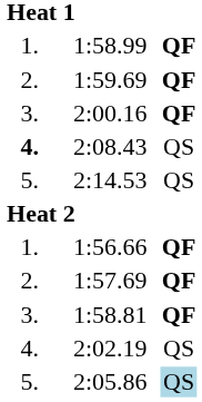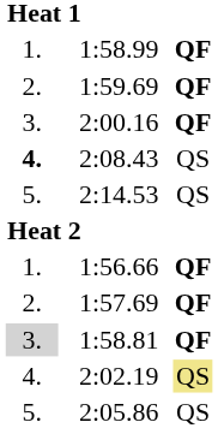 <table style="text-align:center">
 <tr>
 <td colspan=4 align=left><strong>Heat 1</strong></td>
 </tr>
 <tr>
 <td width=30>1.</td>
 <td align=left></td>
 <td width=60>1:58.99</td>
 <td><strong>QF</strong></td>
 </tr>
 <tr>
 <td>2.</td>
 <td align=left></td>
 <td>1:59.69</td>
 <td><strong>QF</strong></td>
 </tr>
 <tr>
 <td>3.</td>
 <td align=left></td>
 <td>2:00.16</td>
 <td><strong>QF</strong></td>
 </tr>
 <tr>
 <td><strong>4.</strong></td>
 <td align=left></td>
 <td>2:08.43</td>
 <td>QS</td>
 </tr>
 <tr>
 <td>5.</td>
 <td align=left></td>
 <td>2:14.53</td>
 <td>QS</td>
 </tr>
 <tr>
 <td colspan=4 align=left><strong>Heat 2</strong></td>
 </tr>
 <tr>
 <td>1.</td>
 <td align=left></td>
 <td>1:56.66</td>
 <td><strong>QF</strong></td>
 </tr>
 <tr>
 <td>2.</td>
 <td align=left></td>
 <td>1:57.69</td>
 <td><strong>QF</strong></td>
 </tr>
 <tr>
-<td>3.</td>
+<td style="background: lightgrey;">3.</td>
 <td align=left></td>
 <td>1:58.81</td>
 <td><strong>QF</strong></td>
 </tr>
 <tr>
 <td>4.</td>
 <td align=left></td>
 <td>2:02.19</td>
-<td>QS</td>
+<td style="background: khaki;">QS</td>
 </tr>
 <tr>
 <td>5.</td>
 <td align=left></td>
 <td>2:05.86</td>
-<td style="background: lightblue;">QS</td>
+<td>QS</td>
 </tr>
 </table>
